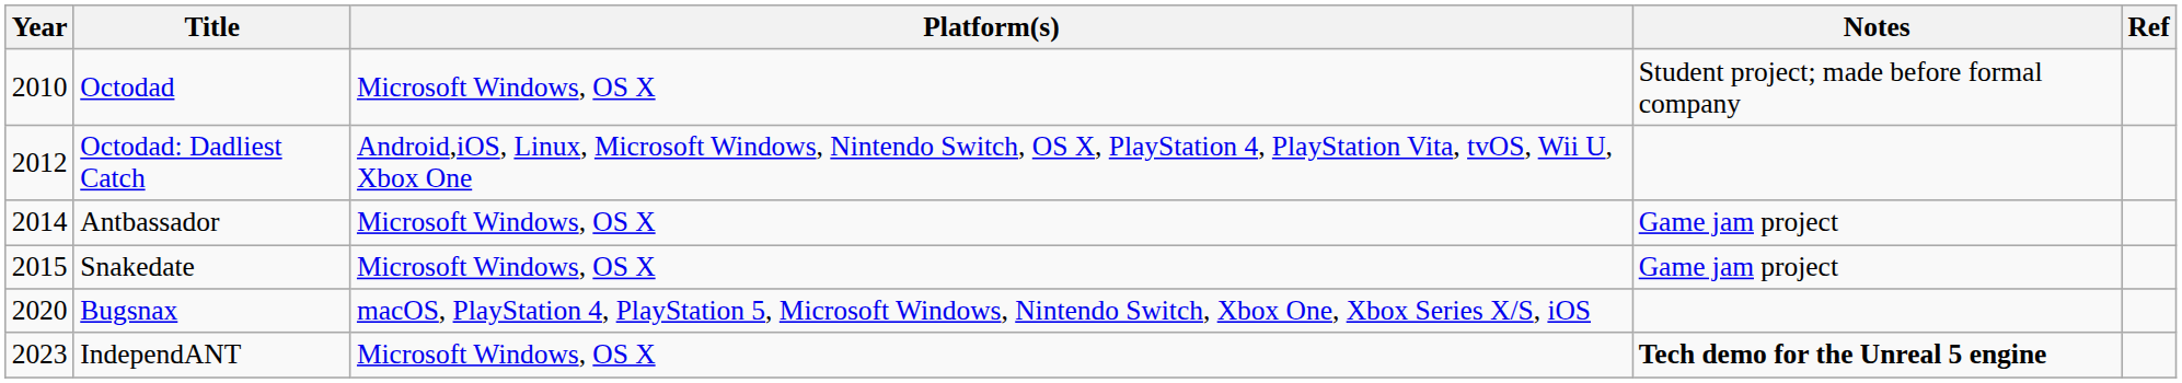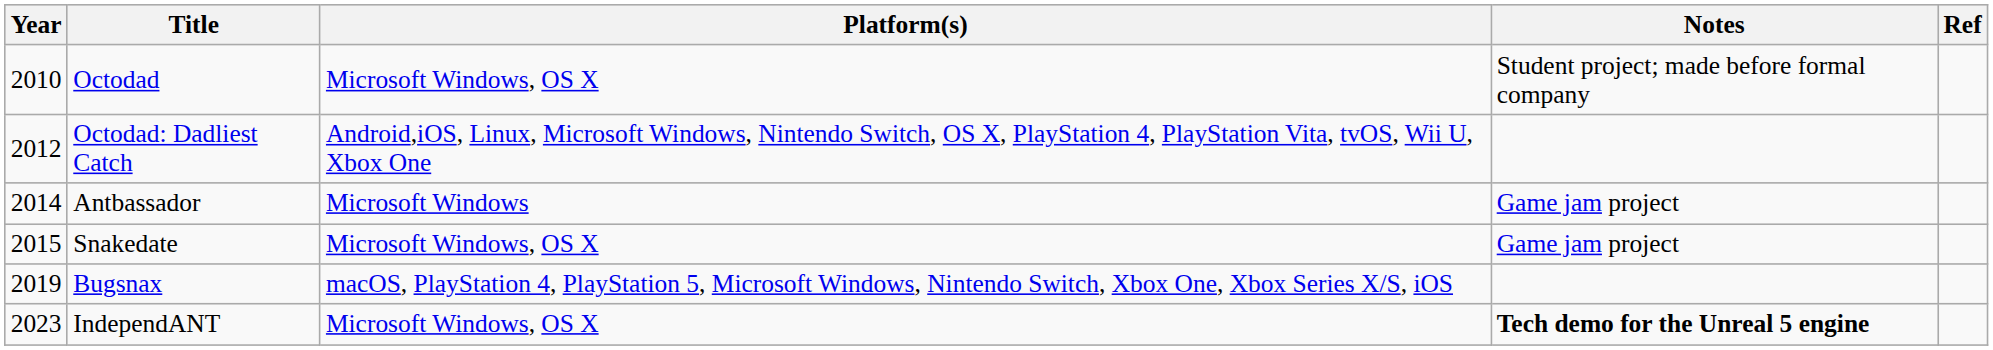 <table class="wikitable" style="font-family:inherit;">
 <tr>
 <th>Year</th>
 <th>Title</th>
 <th>Platform(s)</th>
 <th>Notes</th>
 <th>Ref</th>
 </tr>
 <tr>
 <td>2010</td>
 <td><a href='#'>Octodad</a></td>
 <td><a href='#'>Microsoft Windows</a>, <a href='#'>OS X</a></td>
 <td>Student project; made before formal company</td>
 <td></td>
 </tr>
 <tr>
 <td>2012</td>
 <td><a href='#'>Octodad: Dadliest Catch</a></td>
 <td><a href='#'>Android</a>,<a href='#'>iOS</a>, <a href='#'>Linux</a>, <a href='#'>Microsoft Windows</a>, <a href='#'>Nintendo Switch</a>, <a href='#'>OS X</a>, <a href='#'>PlayStation 4</a>, <a href='#'>PlayStation Vita</a>, <a href='#'>tvOS</a>, <a href='#'>Wii U</a>, <a href='#'>Xbox One</a></td>
 <td></td>
 <td></td>
 </tr>
 <tr>
 <td>2014</td>
 <td>Antbassador</td>
-<td><a href='#'>Microsoft Windows</a>, <a href='#'>OS X</a></td>
+<td><a href='#'>Microsoft Windows</a></td>
 <td><a href='#'>Game jam</a> project</td>
 <td></td>
 </tr>
 <tr>
 <td>2015</td>
 <td>Snakedate</td>
 <td><a href='#'>Microsoft Windows</a>, <a href='#'>OS X</a></td>
 <td><a href='#'>Game jam</a> project</td>
 <td></td>
 </tr>
 <tr>
-<td>2020</td>
+<td>2019</td>
 <td><a href='#'>Bugsnax</a></td>
 <td><a href='#'>macOS</a>, <a href='#'>PlayStation 4</a>, <a href='#'>PlayStation 5</a>, <a href='#'>Microsoft Windows</a>, <a href='#'>Nintendo Switch</a>, <a href='#'>Xbox One</a>, <a href='#'>Xbox Series X/S</a>, <a href='#'>iOS</a></td>
 <td></td>
 <td></td>
 </tr>
 <tr>
 <td>2023</td>
 <td>IndependANT</td>
 <td><a href='#'>Microsoft Windows</a>, <a href='#'>OS X</a></td>
 <td><strong>Tech demo for the Unreal 5 engine</strong></td>
 <td></td>
 </tr>
 </table>
